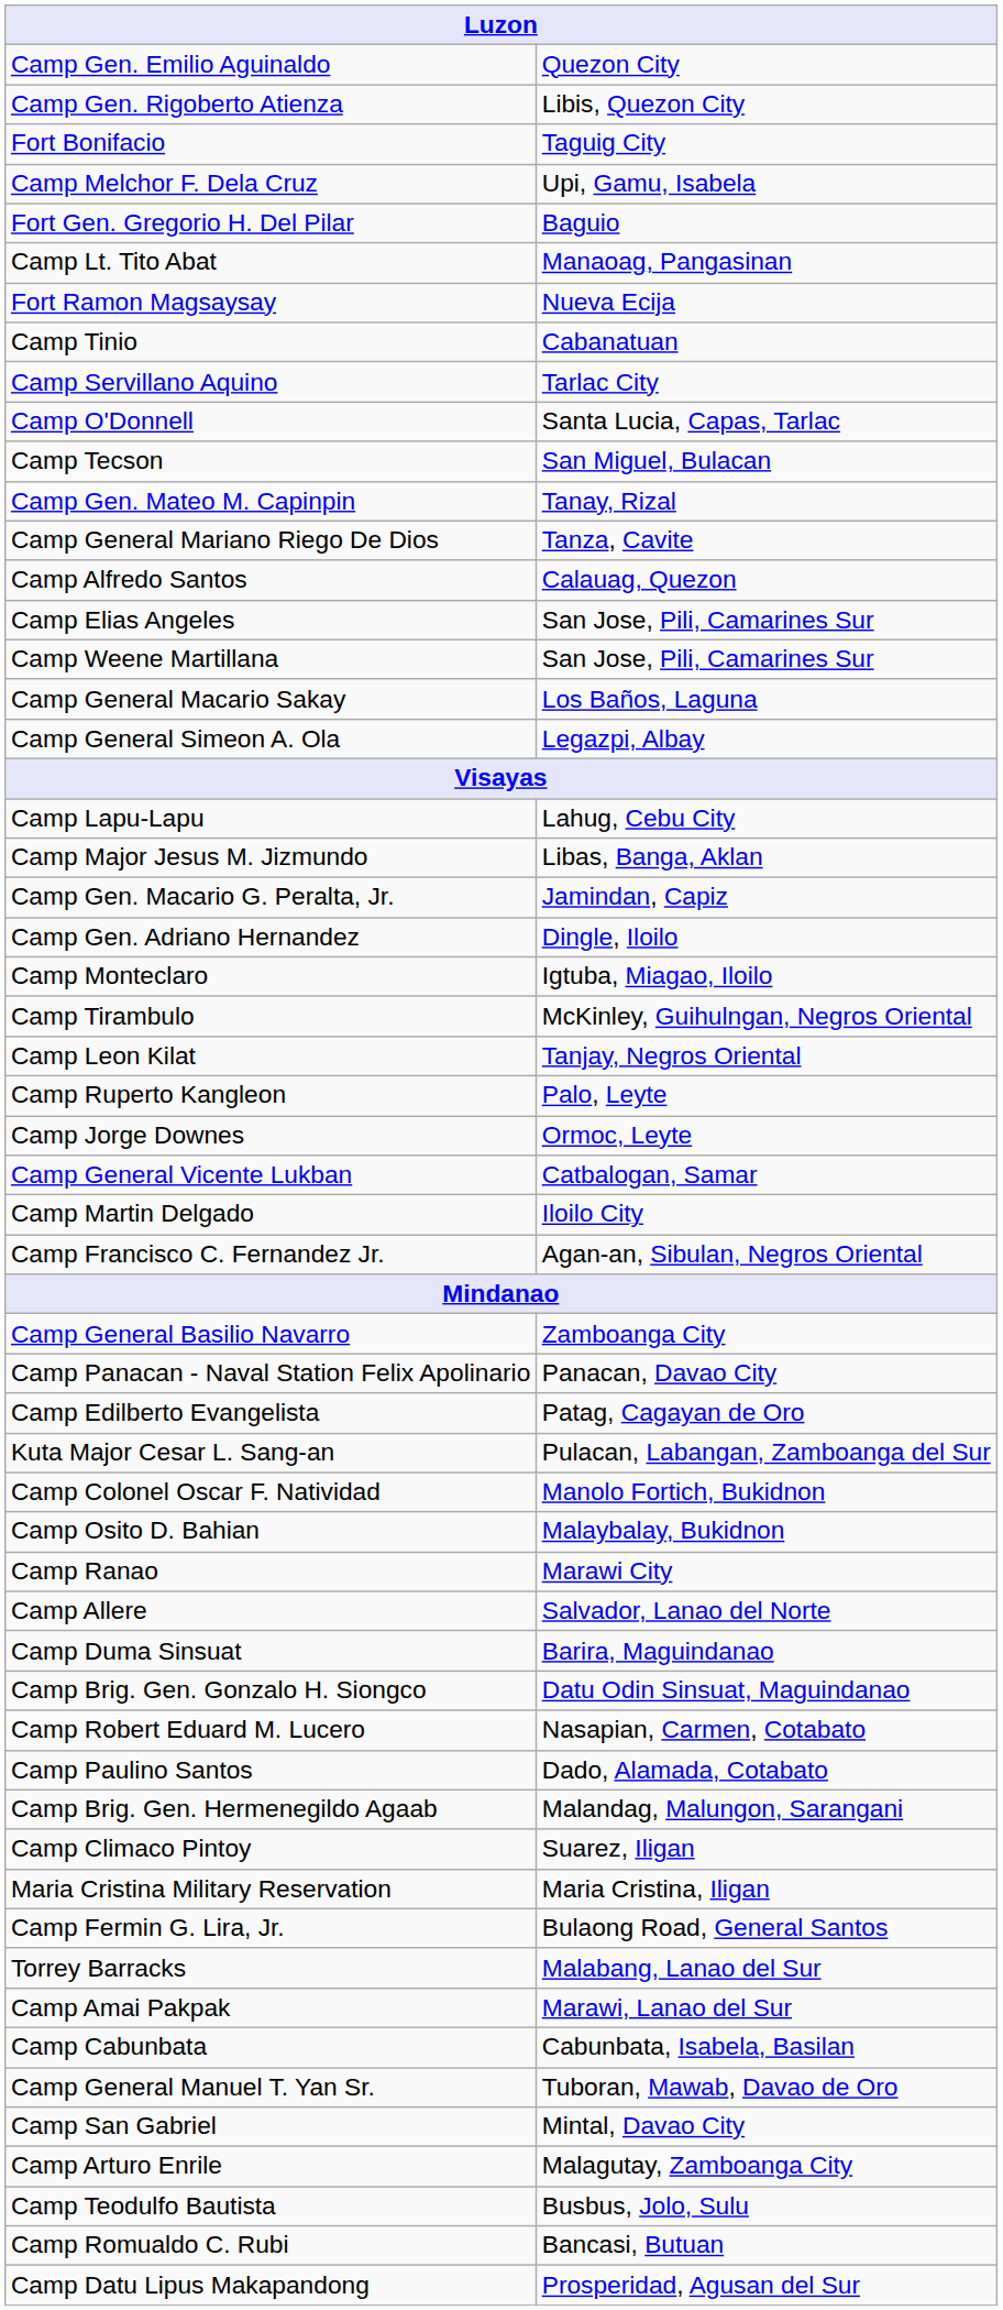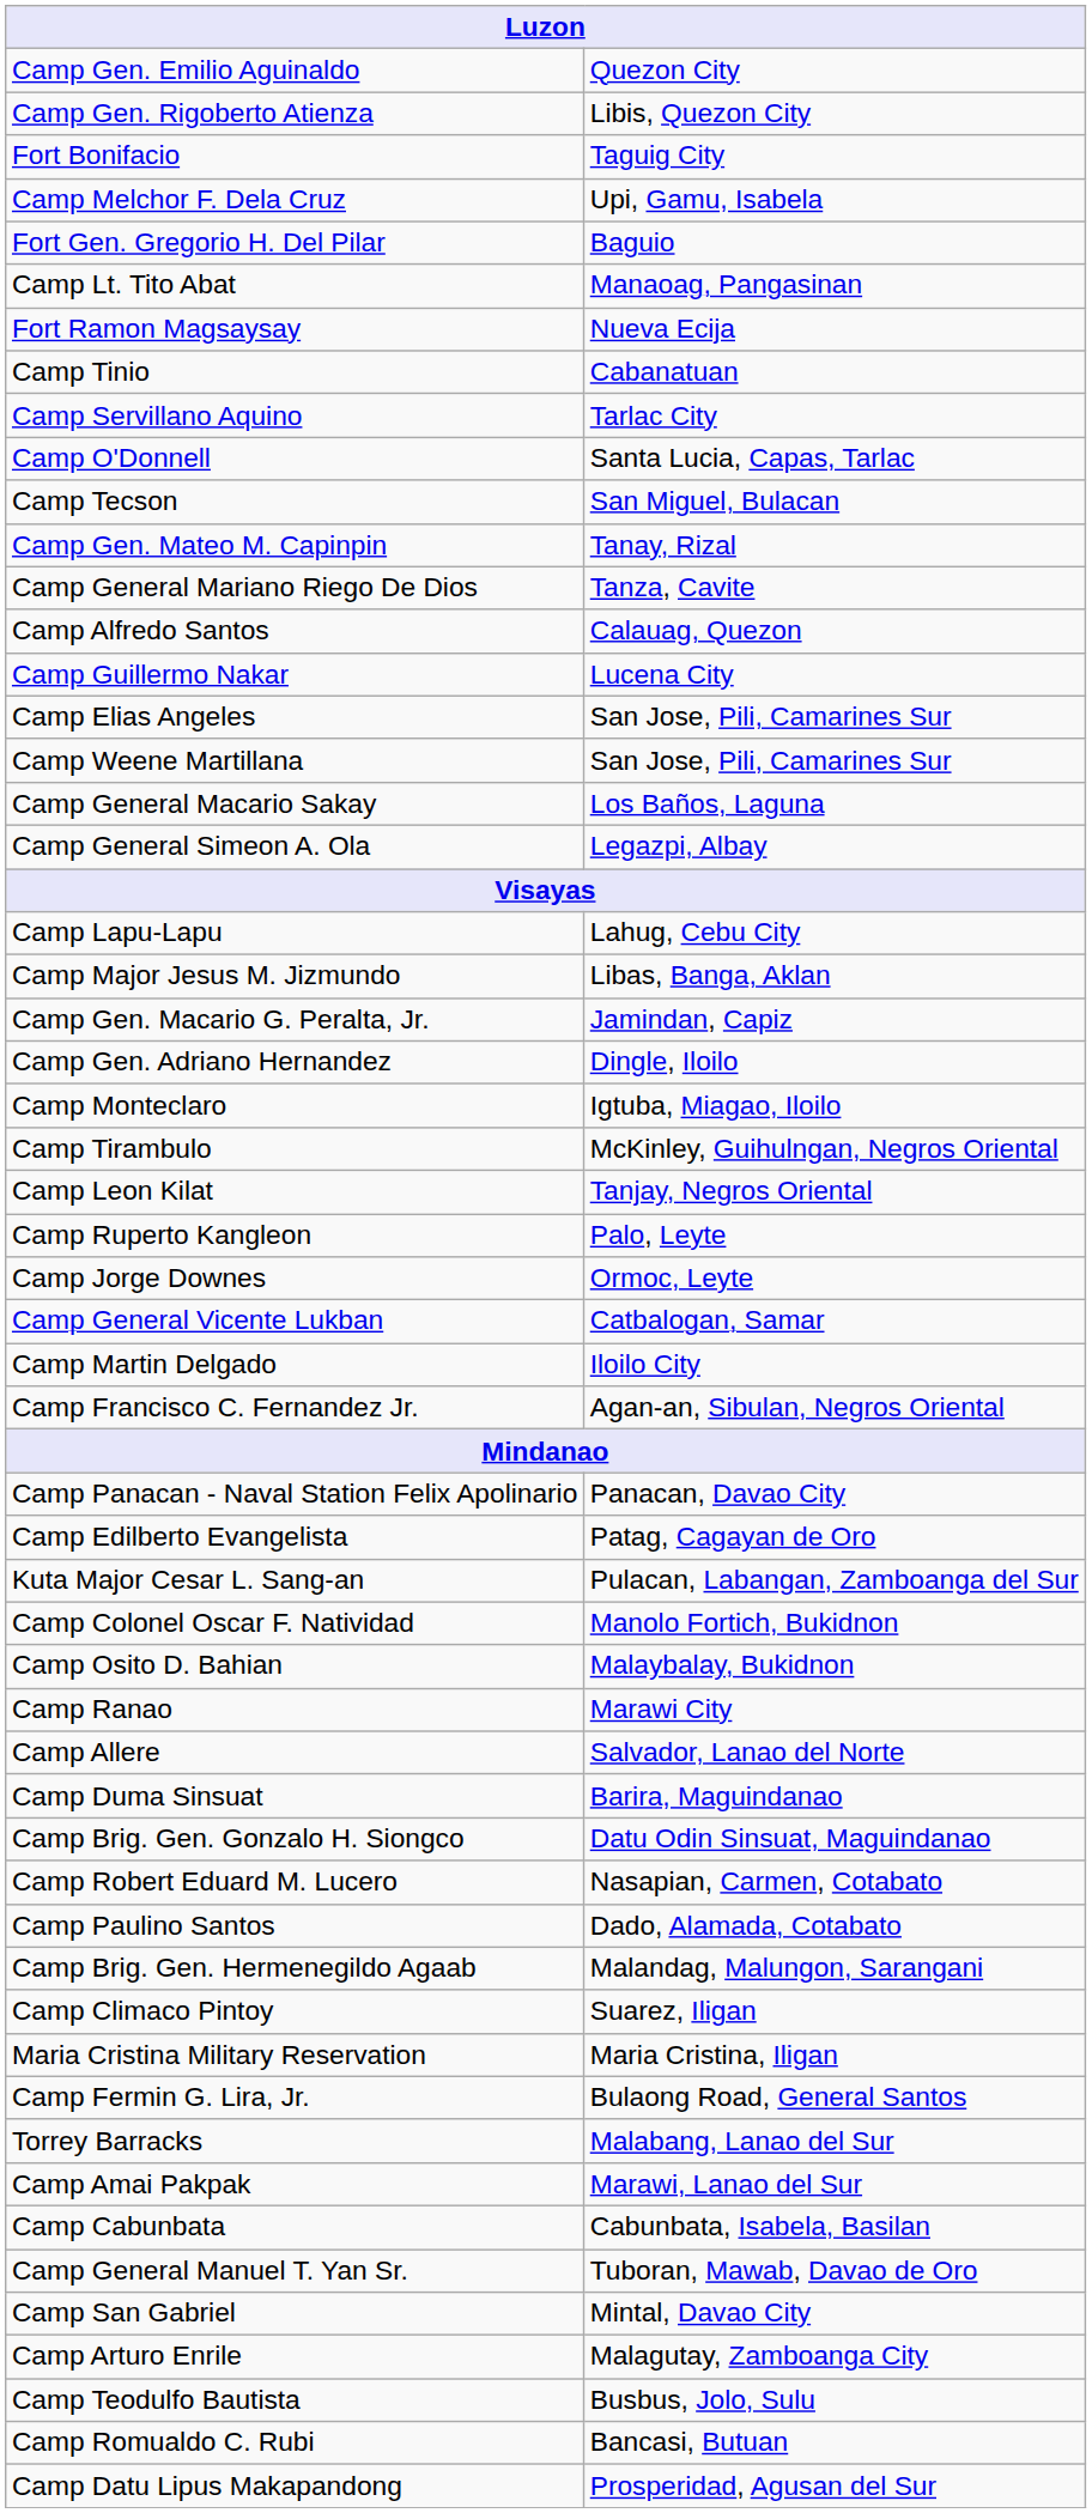 <table class="wikitable">
 <tr>
 <th style="align: center; background: lavender;" colspan="2"><a href='#'>Luzon</a></th>
 </tr>
 <tr>
 <td><a href='#'>Camp Gen. Emilio Aguinaldo</a></td>
 <td><a href='#'>Quezon City</a></td>
 </tr>
 <tr>
 <td><a href='#'>Camp Gen. Rigoberto Atienza</a></td>
 <td>Libis, <a href='#'>Quezon City</a></td>
 </tr>
 <tr>
 <td><a href='#'>Fort Bonifacio</a></td>
 <td><a href='#'>Taguig City</a></td>
 </tr>
 <tr>
 <td><a href='#'>Camp Melchor F. Dela Cruz</a></td>
 <td>Upi, <a href='#'>Gamu, Isabela</a></td>
 </tr>
 <tr>
 <td><a href='#'>Fort Gen. Gregorio H. Del Pilar</a></td>
 <td><a href='#'>Baguio</a></td>
 </tr>
 <tr>
 <td>Camp Lt. Tito Abat</td>
 <td><a href='#'>Manaoag, Pangasinan</a></td>
 </tr>
 <tr>
 <td><a href='#'>Fort Ramon Magsaysay</a></td>
 <td><a href='#'>Nueva Ecija</a></td>
 </tr>
 <tr>
 <td>Camp Tinio</td>
 <td><a href='#'>Cabanatuan</a></td>
 </tr>
 <tr>
 <td><a href='#'>Camp Servillano Aquino</a></td>
 <td><a href='#'>Tarlac City</a></td>
 </tr>
 <tr>
 <td><a href='#'>Camp O'Donnell</a></td>
 <td>Santa Lucia, <a href='#'>Capas, Tarlac</a></td>
 </tr>
 <tr>
 <td>Camp Tecson</td>
 <td><a href='#'>San Miguel, Bulacan</a></td>
 </tr>
 <tr>
 <td><a href='#'>Camp Gen. Mateo M. Capinpin</a></td>
 <td><a href='#'>Tanay, Rizal</a></td>
 </tr>
 <tr>
 <td>Camp General Mariano Riego De Dios</td>
 <td><a href='#'>Tanza</a>, <a href='#'>Cavite</a></td>
 </tr>
 <tr>
 <td>Camp Alfredo Santos</td>
 <td><a href='#'>Calauag, Quezon</a></td>
+</tr>
+<tr>
+<td><a href='#'>Camp Guillermo Nakar</a></td>
+<td><a href='#'>Lucena City</a></td>
 </tr>
 <tr>
 <td>Camp Elias Angeles</td>
 <td>San Jose, <a href='#'>Pili, Camarines Sur</a></td>
 </tr>
 <tr>
 <td>Camp Weene Martillana</td>
 <td>San Jose, <a href='#'>Pili, Camarines Sur</a></td>
 </tr>
 <tr>
 <td>Camp General Macario Sakay</td>
 <td><a href='#'>Los Baños, Laguna</a></td>
 </tr>
 <tr>
 <td>Camp General Simeon A. Ola</td>
 <td><a href='#'>Legazpi, Albay</a></td>
 </tr>
 <tr>
 <th style="align: center; background: lavender;" colspan="2"><a href='#'>Visayas</a></th>
 </tr>
 <tr>
 <td>Camp Lapu-Lapu</td>
 <td>Lahug, <a href='#'>Cebu City</a></td>
 </tr>
 <tr>
 <td>Camp Major Jesus M. Jizmundo</td>
 <td>Libas, <a href='#'>Banga, Aklan</a></td>
 </tr>
 <tr>
 <td>Camp Gen. Macario G. Peralta, Jr.</td>
 <td><a href='#'>Jamindan</a>, <a href='#'>Capiz</a></td>
 </tr>
 <tr>
 <td>Camp Gen. Adriano Hernandez</td>
 <td><a href='#'>Dingle</a>, <a href='#'>Iloilo</a></td>
 </tr>
 <tr>
 <td>Camp Monteclaro</td>
 <td>Igtuba, <a href='#'>Miagao, Iloilo</a></td>
 </tr>
 <tr>
 <td>Camp Tirambulo</td>
 <td>McKinley, <a href='#'>Guihulngan, Negros Oriental</a></td>
 </tr>
 <tr>
 <td>Camp Leon Kilat</td>
 <td><a href='#'>Tanjay, Negros Oriental</a></td>
 </tr>
 <tr>
 <td>Camp Ruperto Kangleon</td>
 <td><a href='#'>Palo</a>, <a href='#'>Leyte</a></td>
 </tr>
 <tr>
 <td>Camp Jorge Downes</td>
 <td><a href='#'>Ormoc, Leyte</a></td>
 </tr>
 <tr>
 <td><a href='#'>Camp General Vicente Lukban</a></td>
 <td><a href='#'>Catbalogan, Samar</a></td>
 </tr>
 <tr>
 <td>Camp Martin Delgado</td>
 <td><a href='#'>Iloilo City</a></td>
 </tr>
 <tr>
 <td>Camp Francisco C. Fernandez Jr.</td>
 <td>Agan-an, <a href='#'>Sibulan, Negros Oriental</a></td>
 </tr>
 <tr>
 <th style="align: center; background: lavender;" colspan="2"><a href='#'>Mindanao</a></th>
-</tr>
-<tr>
-<td><a href='#'>Camp General Basilio Navarro</a></td>
-<td><a href='#'>Zamboanga City</a></td>
 </tr>
 <tr>
 <td>Camp Panacan - Naval Station Felix Apolinario</td>
 <td>Panacan, <a href='#'>Davao City</a></td>
 </tr>
 <tr>
 <td>Camp Edilberto Evangelista</td>
 <td>Patag, <a href='#'>Cagayan de Oro</a></td>
 </tr>
 <tr>
 <td>Kuta Major Cesar L. Sang-an</td>
 <td>Pulacan, <a href='#'>Labangan, Zamboanga del Sur</a></td>
 </tr>
 <tr>
 <td>Camp Colonel Oscar F. Natividad</td>
 <td><a href='#'>Manolo Fortich, Bukidnon</a></td>
 </tr>
 <tr>
 <td>Camp Osito D. Bahian</td>
 <td><a href='#'>Malaybalay, Bukidnon</a></td>
 </tr>
 <tr>
 <td>Camp Ranao</td>
 <td><a href='#'>Marawi City</a></td>
 </tr>
 <tr>
 <td>Camp Allere</td>
 <td><a href='#'>Salvador, Lanao del Norte</a></td>
 </tr>
 <tr>
 <td>Camp Duma Sinsuat</td>
 <td><a href='#'>Barira, Maguindanao</a></td>
 </tr>
 <tr>
 <td>Camp Brig. Gen. Gonzalo H. Siongco</td>
 <td><a href='#'>Datu Odin Sinsuat, Maguindanao</a></td>
 </tr>
 <tr>
 <td>Camp Robert Eduard M. Lucero</td>
 <td>Nasapian, <a href='#'>Carmen</a>, <a href='#'>Cotabato</a></td>
 </tr>
 <tr>
 <td>Camp Paulino Santos</td>
 <td>Dado, <a href='#'>Alamada, Cotabato</a></td>
 </tr>
 <tr>
 <td>Camp Brig. Gen. Hermenegildo Agaab</td>
 <td>Malandag, <a href='#'>Malungon, Sarangani</a></td>
 </tr>
 <tr>
 <td>Camp Climaco Pintoy</td>
 <td>Suarez, <a href='#'>Iligan</a></td>
 </tr>
 <tr>
 <td>Maria Cristina Military Reservation</td>
 <td>Maria Cristina, <a href='#'>Iligan</a></td>
 </tr>
 <tr>
 <td>Camp Fermin G. Lira, Jr.</td>
 <td>Bulaong Road, <a href='#'>General Santos</a></td>
 </tr>
 <tr>
 <td>Torrey Barracks</td>
 <td><a href='#'>Malabang, Lanao del Sur</a></td>
 </tr>
 <tr>
 <td>Camp Amai Pakpak</td>
 <td><a href='#'>Marawi, Lanao del Sur</a></td>
 </tr>
 <tr>
 <td>Camp Cabunbata</td>
 <td>Cabunbata, <a href='#'>Isabela, Basilan</a></td>
 </tr>
 <tr>
 <td>Camp General Manuel T. Yan Sr.</td>
 <td>Tuboran, <a href='#'>Mawab</a>, <a href='#'>Davao de Oro</a></td>
 </tr>
 <tr>
 <td>Camp San Gabriel</td>
 <td>Mintal, <a href='#'>Davao City</a></td>
 </tr>
 <tr>
 <td>Camp Arturo Enrile</td>
 <td>Malagutay, <a href='#'>Zamboanga City</a></td>
 </tr>
 <tr>
 <td>Camp Teodulfo Bautista</td>
 <td>Busbus, <a href='#'>Jolo, Sulu</a></td>
 </tr>
 <tr>
 <td>Camp Romualdo C. Rubi</td>
 <td>Bancasi, <a href='#'>Butuan</a></td>
 </tr>
 <tr>
 <td>Camp Datu Lipus Makapandong</td>
 <td><a href='#'>Prosperidad</a>, <a href='#'>Agusan del Sur</a></td>
 </tr>
 <tr>
 </tr>
 </table>
